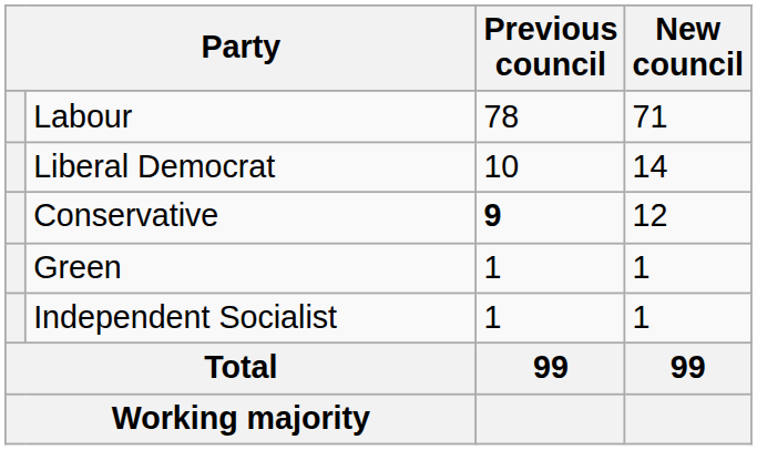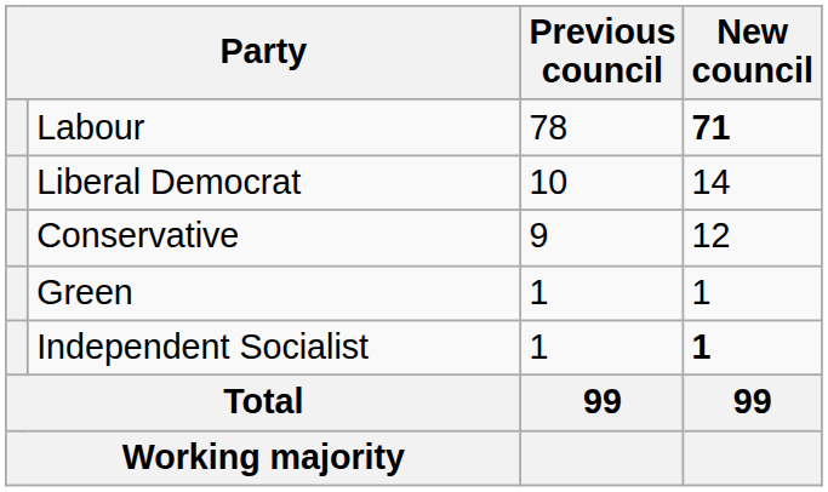 <table class="wikitable">
 <tr>
 <th valign=centre colspan="2" style="width: 230px">Party</th>
 <th valign=top style="width: 30px">Previous council</th>
 <th valign=top style="width: 30px">New council</th>
 </tr>
 <tr>
 <th style="background-color: "></th>
 <td>Labour</td>
 <td>78</td>
-<td>71</td>
+<td><strong>71</strong></td>
 </tr>
 <tr>
 <th style="background-color: "></th>
 <td>Liberal Democrat</td>
 <td>10</td>
 <td>14</td>
 </tr>
 <tr>
 <th style="background-color: "></th>
 <td>Conservative</td>
-<td><strong>9</strong></td>
+<td>9</td>
 <td>12</td>
 </tr>
 <tr>
 <th style="background-color: "></th>
 <td>Green</td>
 <td>1</td>
 <td>1</td>
 </tr>
 <tr>
 <th style="background-color: "></th>
 <td>Independent Socialist</td>
 <td>1</td>
-<td>1</td>
+<td><strong>1</strong></td>
 </tr>
 <tr>
 <th colspan=2>Total</th>
 <th style="text-align: center">99</th>
 <th colspan=3>99</th>
 </tr>
 <tr>
 <th colspan=2>Working majority</th>
 <th></th>
 <th></th>
 </tr>
 </table>
